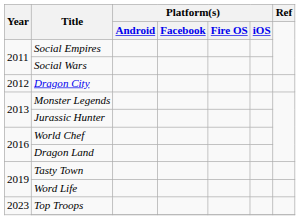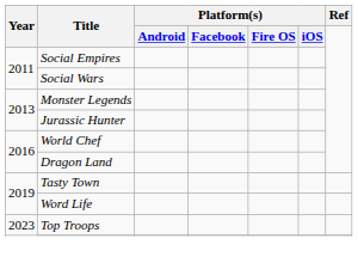 <table class="wikitable sortable">
 <tr>
 <th rowspan="2">Year</th>
 <th rowspan="2">Title</th>
 <th colspan="4">Platform(s)</th>
 <th rowspan="1">Ref</th>
 </tr>
 <tr>
 <th><a href='#'>Android</a></th>
 <th><a href='#'>Facebook</a></th>
 <th><a href='#'>Fire OS</a></th>
 <th><a href='#'>iOS</a></th>
 </tr>
 <tr>
 <td rowspan="2">2011</td>
 <td><em>Social Empires</em></td>
 <td></td>
 <td></td>
 <td></td>
 <td></td>
 </tr>
 <tr>
 <td><em>Social Wars</em></td>
-<td></td>
-<td></td>
-<td></td>
-<td></td>
-</tr>
-<tr>
-<td>2012</td>
-<td><em><a href='#'>Dragon City</a></em></td>
-<td></td>
 <td></td>
 <td></td>
 <td></td>
 <td></td>
 </tr>
 <tr>
 <td rowspan="2">2013</td>
 <td><em>Monster Legends</em></td>
 <td></td>
 <td></td>
 <td></td>
 <td></td>
 </tr>
 <tr>
 <td><em>Jurassic Hunter</em></td>
 <td></td>
 <td></td>
 <td></td>
 <td></td>
 </tr>
 <tr>
 <td rowspan="2">2016</td>
 <td><em>World Chef</em></td>
 <td></td>
 <td></td>
 <td></td>
 <td></td>
 </tr>
 <tr>
 <td><em>Dragon Land</em></td>
 <td></td>
 <td></td>
 <td></td>
 <td></td>
 </tr>
 <tr>
 <td rowspan="2">2019</td>
 <td><em>Tasty Town</em></td>
 <td></td>
 <td></td>
 <td></td>
 <td></td>
 <td></td>
 </tr>
 <tr>
 <td><em>Word Life</em></td>
 <td></td>
 <td></td>
 <td></td>
 <td></td>
 <td></td>
 </tr>
 <tr>
 <td rowspan="2">2023</td>
 <td><em>Top Troops</em></td>
 <td></td>
 <td></td>
 <td></td>
 <td></td>
 <td></td>
 </tr>
 <tr>
 </tr>
 </table>
